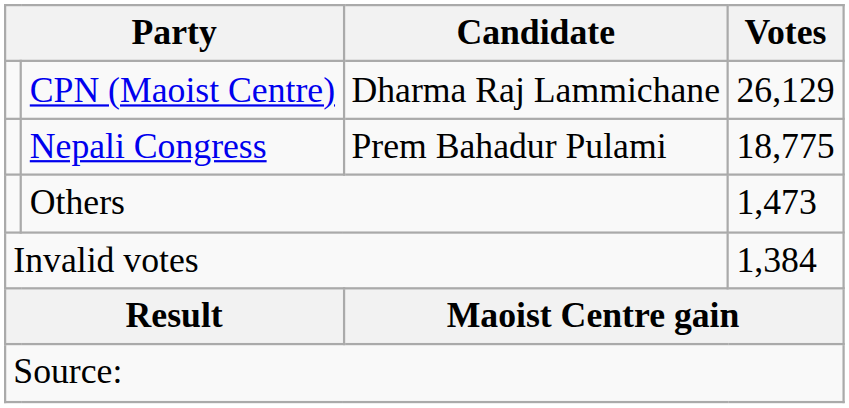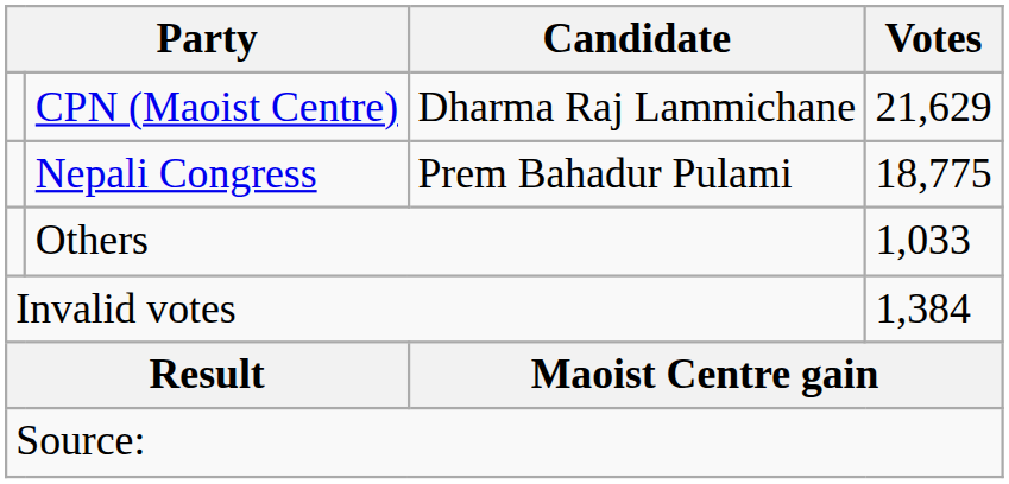 <table class="wikitable">
 <tr>
 <th colspan="2">Party</th>
 <th>Candidate</th>
 <th>Votes</th>
 </tr>
 <tr>
 <td style="background-color:"></td>
 <td><a href='#'>CPN (Maoist Centre)</a></td>
 <td>Dharma Raj Lammichane</td>
-<td>26,129</td>
+<td>21,629</td>
 </tr>
 <tr>
 <td style="background-color:"></td>
 <td><a href='#'>Nepali Congress</a></td>
 <td>Prem Bahadur Pulami</td>
 <td>18,775</td>
 </tr>
 <tr>
 <td></td>
 <td colspan="2">Others</td>
-<td>1,473</td>
+<td>1,033</td>
 </tr>
 <tr>
 <td colspan="3">Invalid votes</td>
 <td>1,384</td>
 </tr>
 <tr>
 <th colspan="2">Result</th>
 <th colspan="2">Maoist Centre gain</th>
 </tr>
 <tr>
 <td colspan="4">Source: </td>
 </tr>
 </table>
